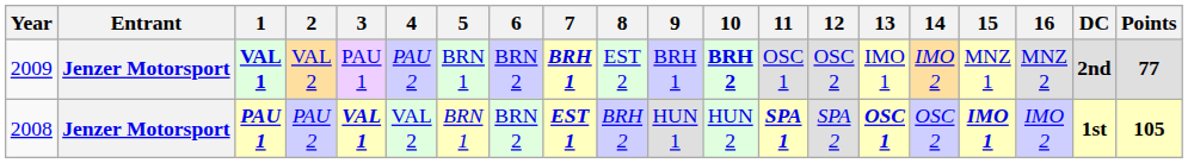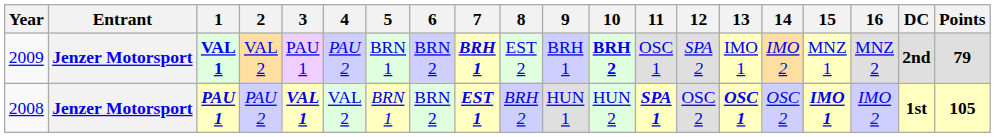 <table class="wikitable" style="text-align:center; font-size:85%">
 <tr>
 <th>Year</th>
 <th>Entrant</th>
 <th>1</th>
 <th>2</th>
 <th>3</th>
 <th>4</th>
 <th>5</th>
 <th>6</th>
 <th>7</th>
 <th>8</th>
 <th>9</th>
 <th>10</th>
 <th>11</th>
 <th>12</th>
 <th>13</th>
 <th>14</th>
 <th>15</th>
 <th>16</th>
 <th>DC</th>
 <th>Points</th>
 </tr>
 <tr>
 <td><a href='#'>2009</a></td>
 <th nowrap><a href='#'>Jenzer Motorsport</a></th>
 <td style="background:#dfffdf;"><strong><a href='#'>VAL<br>1</a><br></strong></td>
 <td style="background:#ffdf9f;"><a href='#'>VAL<br>2</a><br></td>
 <td style="background:#efcfff;"><a href='#'>PAU<br>1</a><br></td>
 <td style="background:#cfcfff;"><em><a href='#'>PAU<br>2</a></em><br></td>
 <td style="background:#dfffdf;"><a href='#'>BRN<br>1</a><br></td>
 <td style="background:#cfcfff;"><a href='#'>BRN<br>2</a><br></td>
 <td style="background:#ffffbf;"><strong><em><a href='#'>BRH<br>1</a></em></strong><br></td>
 <td style="background:#dfffdf;"><a href='#'>EST<br>2</a><br></td>
 <td style="background:#cfcfff;"><a href='#'>BRH<br>1</a><br></td>
 <td style="background:#dfffdf;"><strong><a href='#'>BRH<br>2</a><br></strong></td>
 <td style="background:#dfdfdf;"><a href='#'>OSC<br>1</a><br></td>
-<td style="background:#dfdfdf;"><a href='#'>OSC<br>2</a><br></td>
+<td style="background:#dfdfdf;"><em><a href='#'>SPA<br>2</a></em><br></td>
 <td style="background:#ffffbf;"><a href='#'>IMO<br>1</a><br></td>
 <td style="background:#ffdf9f;"><em><a href='#'>IMO<br>2</a></em><br></td>
 <td style="background:#ffffbf;"><a href='#'>MNZ<br>1</a><br></td>
 <td style="background:#dfdfdf;"><a href='#'>MNZ<br>2</a><br></td>
 <th style="background:#dfdfdf;">2nd</th>
-<th style="background:#dfdfdf;">77</th>
+<th style="background:#dfdfdf;">79</th>
 </tr>
 <tr>
 <td><a href='#'>2008</a></td>
 <th nowrap><a href='#'>Jenzer Motorsport</a></th>
 <td style="background:#ffffbf;"><strong><em><a href='#'>PAU<br>1</a></em></strong><br></td>
 <td style="background:#cfcfff;"><em><a href='#'>PAU<br>2</a></em><br></td>
 <td style="background:#ffffbf;"><strong><em><a href='#'>VAL<br>1</a></em></strong><br></td>
 <td style="background:#dfffdf;"><a href='#'>VAL<br>2</a><br></td>
 <td style="background:#ffffbf;"><em><a href='#'>BRN<br>1</a></em><br></td>
 <td style="background:#dfffdf;"><a href='#'>BRN<br>2</a><br></td>
 <td style="background:#ffffbf;"><strong><em><a href='#'>EST<br>1</a></em></strong><br></td>
 <td style="background:#cfcfff;"><em><a href='#'>BRH<br>2</a></em><br></td>
 <td style="background:#dfdfdf;"><a href='#'>HUN<br>1</a><br></td>
 <td style="background:#dfffdf;"><a href='#'>HUN<br>2</a><br></td>
 <td style="background:#ffffbf;"><strong><em><a href='#'>SPA<br>1</a></em></strong><br></td>
-<td style="background:#dfdfdf;"><em><a href='#'>SPA<br>2</a></em><br></td>
+<td style="background:#dfdfdf;"><a href='#'>OSC<br>2</a><br></td>
 <td style="background:#ffffbf;"><strong><em><a href='#'>OSC<br>1</a></em></strong><br></td>
 <td style="background:#cfcfff;"><em><a href='#'>OSC<br>2</a></em><br></td>
 <td style="background:#ffffbf;"><strong><em><a href='#'>IMO<br>1</a></em></strong><br></td>
 <td style="background:#cfcfff;"><em><a href='#'>IMO<br>2</a></em><br></td>
 <th style="background:#ffffbf;">1st</th>
 <th style="background:#ffffbf;">105</th>
 </tr>
 </table>
